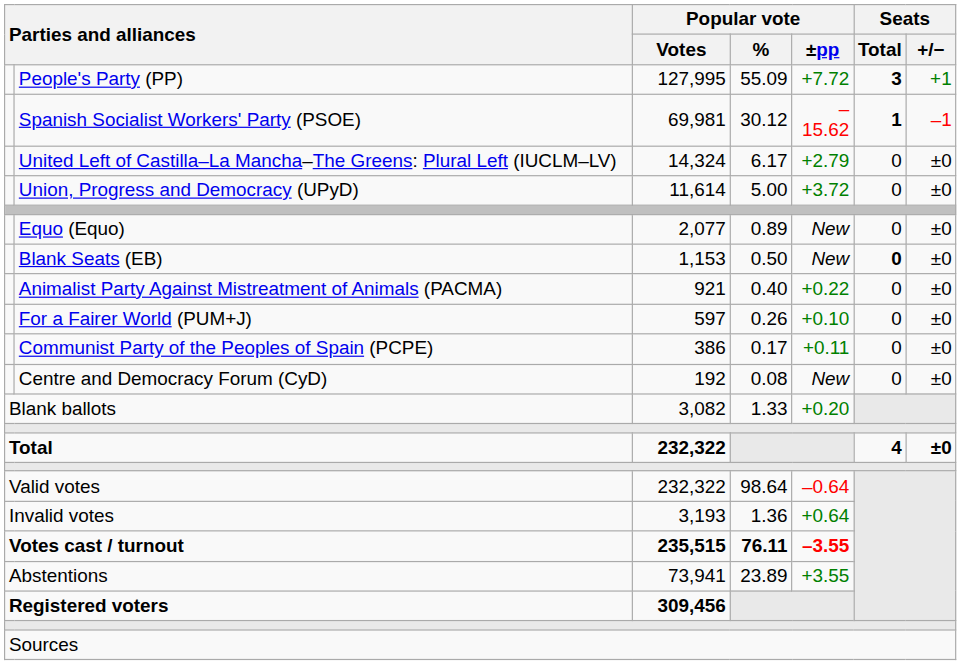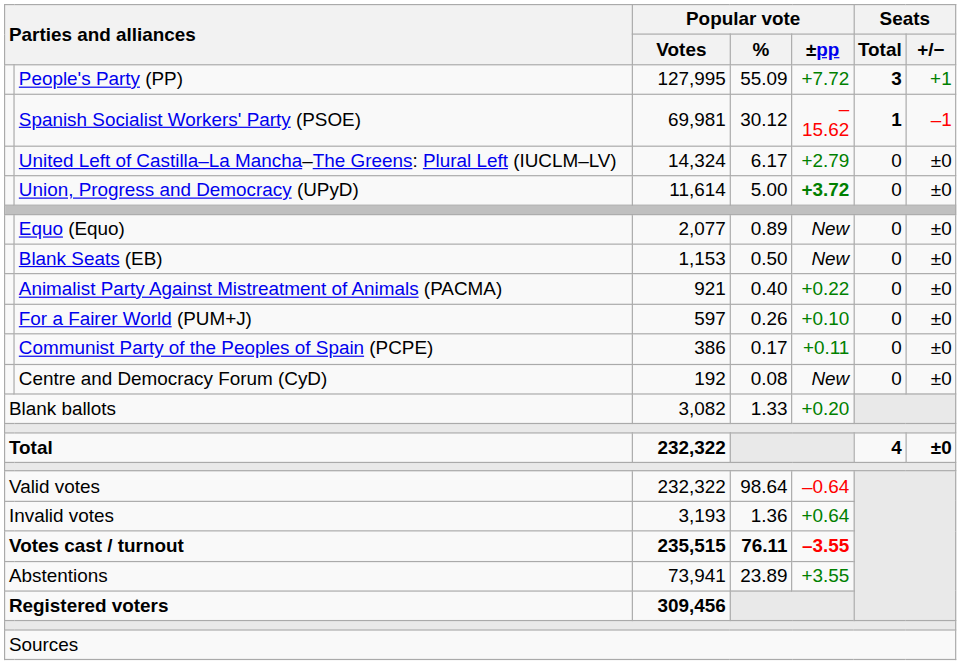 <table class="wikitable" style="text-align:right;">
 <tr>
 <th style="text-align:left;" rowspan="2" colspan="2" width="525">Parties and alliances</th>
 <th colspan="3">Popular vote</th>
 <th colspan="2">Seats</th>
 </tr>
 <tr>
 <th width="75">Votes</th>
 <th width="45">%</th>
 <th width="45">±<a href='#'>pp</a></th>
 <th width="35">Total</th>
 <th width="35">+/−</th>
 </tr>
 <tr>
 <td width="1" style="color:inherit;background:"></td>
 <td align="left"><a href='#'>People's Party</a> (PP)</td>
 <td>127,995</td>
 <td>55.09</td>
 <td style="color:green;">+7.72</td>
 <td><strong>3</strong></td>
 <td style="color:green;">+1</td>
 </tr>
 <tr>
 <td style="color:inherit;background:"></td>
 <td align="left"><a href='#'>Spanish Socialist Workers' Party</a> (PSOE)</td>
 <td>69,981</td>
 <td>30.12</td>
 <td style="color:red;">–15.62</td>
 <td><strong>1</strong></td>
 <td style="color:red;">–1</td>
 </tr>
 <tr>
 <td style="color:inherit;background:"></td>
 <td align="left"><a href='#'>United Left of Castilla–La Mancha</a>–<a href='#'>The Greens</a>: <a href='#'>Plural Left</a> (IUCLM–LV)</td>
 <td>14,324</td>
 <td>6.17</td>
 <td style="color:green;">+2.79</td>
 <td>0</td>
 <td>±0</td>
 </tr>
 <tr>
 <td style="color:inherit;background:"></td>
 <td align="left"><a href='#'>Union, Progress and Democracy</a> (UPyD)</td>
 <td>11,614</td>
 <td>5.00</td>
-<td style="color:green;">+3.72</td>
+<td style="color:green;"><strong>+3.72</strong></td>
 <td>0</td>
 <td>±0</td>
 </tr>
 <tr>
 <td colspan="7" bgcolor="#C0C0C0"></td>
 </tr>
 <tr>
 <td style="color:inherit;background:"></td>
 <td align="left"><a href='#'>Equo</a> (Equo)</td>
 <td>2,077</td>
 <td>0.89</td>
 <td><em>New</em></td>
 <td>0</td>
 <td>±0</td>
 </tr>
 <tr>
 <td style="color:inherit;background:"></td>
 <td align="left"><a href='#'>Blank Seats</a> (EB)</td>
 <td>1,153</td>
 <td>0.50</td>
 <td><em>New</em></td>
-<td><strong>0</strong></td>
+<td>0</td>
 <td>±0</td>
 </tr>
 <tr>
 <td style="color:inherit;background:"></td>
 <td align="left"><a href='#'>Animalist Party Against Mistreatment of Animals</a> (PACMA)</td>
 <td>921</td>
 <td>0.40</td>
 <td style="color:green;">+0.22</td>
 <td>0</td>
 <td>±0</td>
 </tr>
 <tr>
 <td style="color:inherit;background:"></td>
 <td align="left"><a href='#'>For a Fairer World</a> (PUM+J)</td>
 <td>597</td>
 <td>0.26</td>
 <td style="color:green;">+0.10</td>
 <td>0</td>
 <td>±0</td>
 </tr>
 <tr>
 <td style="color:inherit;background:"></td>
 <td align="left"><a href='#'>Communist Party of the Peoples of Spain</a> (PCPE)</td>
 <td>386</td>
 <td>0.17</td>
 <td style="color:green;">+0.11</td>
 <td>0</td>
 <td>±0</td>
 </tr>
 <tr>
 <td style="color:inherit;background:"></td>
 <td align="left">Centre and Democracy Forum (CyD)</td>
 <td>192</td>
 <td>0.08</td>
 <td><em>New</em></td>
 <td>0</td>
 <td>±0</td>
 </tr>
 <tr>
 <td align="left" colspan="2">Blank ballots</td>
 <td>3,082</td>
 <td>1.33</td>
 <td style="color:green;">+0.20</td>
 <td bgcolor="#E9E9E9" colspan="2"></td>
 </tr>
 <tr>
 <td colspan="7" bgcolor="#E9E9E9"></td>
 </tr>
 <tr style="font-weight:bold;">
 <td align="left" colspan="2">Total</td>
 <td>232,322</td>
 <td bgcolor="#E9E9E9" colspan="2"></td>
 <td>4</td>
 <td>±0</td>
 </tr>
 <tr>
 <td colspan="7" bgcolor="#E9E9E9"></td>
 </tr>
 <tr>
 <td align="left" colspan="2">Valid votes</td>
 <td>232,322</td>
 <td>98.64</td>
 <td style="color:red;">–0.64</td>
 <td bgcolor="#E9E9E9" colspan="2" rowspan="5"></td>
 </tr>
 <tr>
 <td align="left" colspan="2">Invalid votes</td>
 <td>3,193</td>
 <td>1.36</td>
 <td style="color:green;">+0.64</td>
 </tr>
 <tr style="font-weight:bold;">
 <td align="left" colspan="2">Votes cast / turnout</td>
 <td>235,515</td>
 <td>76.11</td>
 <td style="color:red;">–3.55</td>
 </tr>
 <tr>
 <td align="left" colspan="2">Abstentions</td>
 <td>73,941</td>
 <td>23.89</td>
 <td style="color:green;">+3.55</td>
 </tr>
 <tr style="font-weight:bold;">
 <td align="left" colspan="2">Registered voters</td>
 <td>309,456</td>
 <td bgcolor="#E9E9E9" colspan="2"></td>
 </tr>
 <tr>
 <td colspan="7" bgcolor="#E9E9E9"></td>
 </tr>
 <tr>
 <td align="left" colspan="7">Sources</td>
 </tr>
 </table>
